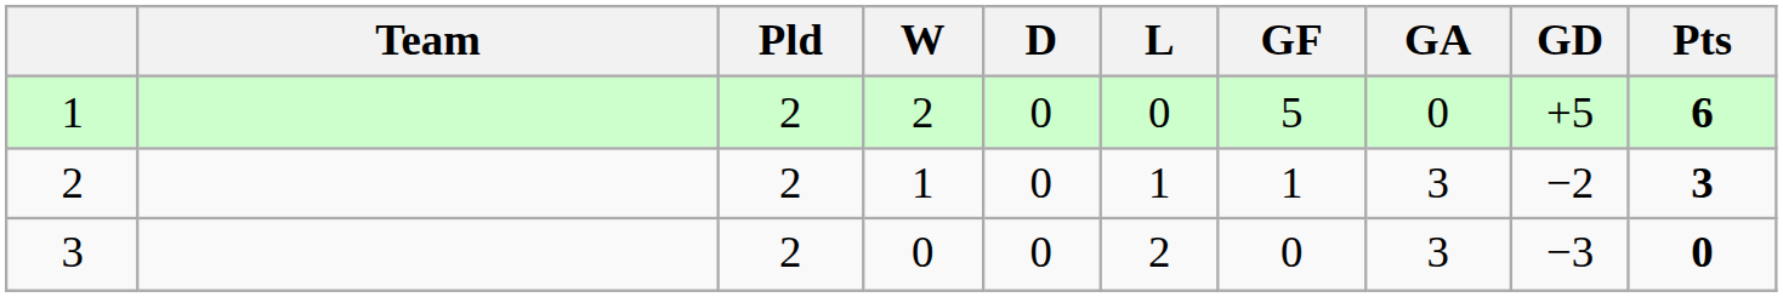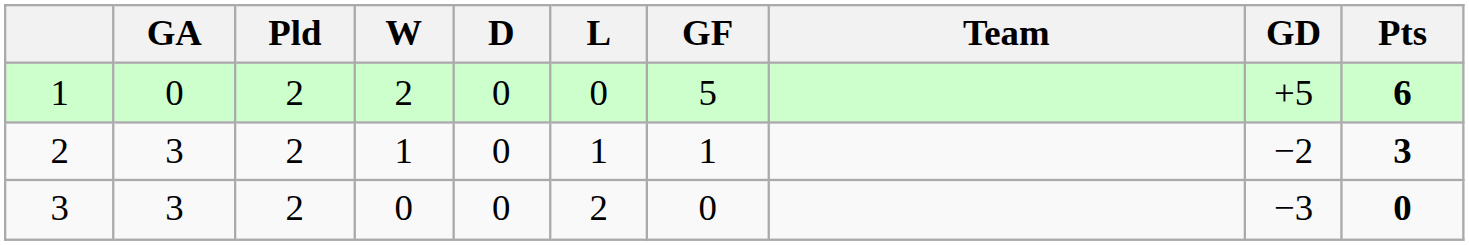 <table class="wikitable" style="text-align: center;">
 <tr>
 <th style="width: 40px;"></th>
-<th style="width: 200px;">Team</th>
+<th style="width: 45px;">GA</th>
 <th style="width: 45px;">Pld</th>
 <th style="width: 35px;">W</th>
 <th style="width: 35px;">D</th>
 <th style="width: 35px;">L</th>
 <th style="width: 45px;">GF</th>
-<th style="width: 45px;">GA</th>
+<th style="width: 200px;">Team</th>
 <th style="width: 35px;">GD</th>
 <th style="width: 45px;">Pts</th>
 </tr>
 <tr style="background:#cfc;">
 <td>1</td>
-<td style="text-align: left;"></td>
+<td>0</td>
 <td>2</td>
 <td>2</td>
 <td>0</td>
 <td>0</td>
 <td>5</td>
-<td>0</td>
+<td style="text-align: left;"></td>
 <td>+5</td>
 <td><strong>6</strong></td>
 </tr>
 <tr>
 <td>2</td>
-<td style="text-align: left;"></td>
+<td>3</td>
 <td>2</td>
 <td>1</td>
 <td>0</td>
 <td>1</td>
 <td>1</td>
-<td>3</td>
+<td style="text-align: left;"></td>
 <td>−2</td>
 <td><strong>3</strong></td>
 </tr>
 <tr>
 <td>3</td>
-<td style="text-align: left;"></td>
+<td>3</td>
 <td>2</td>
 <td>0</td>
 <td>0</td>
 <td>2</td>
 <td>0</td>
-<td>3</td>
+<td style="text-align: left;"></td>
 <td>−3</td>
 <td><strong>0</strong></td>
 </tr>
 </table>
